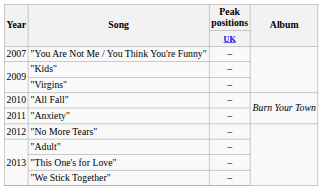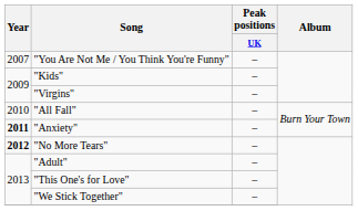 <table class="wikitable" style="text-align:center;" border="1">
 <tr>
 <th rowspan="2">Year</th>
 <th rowspan="2">Song</th>
 <th colspan="1">Peak positions</th>
 <th rowspan="2">Album</th>
 </tr>
 <tr>
 <th width="40"><small><a href='#'>UK</a></small></th>
 </tr>
 <tr>
 <td>2007</td>
 <td align="left">"You Are Not Me / You Think You're Funny"</td>
 <td>–</td>
 <td rowspan="3"></td>
 </tr>
 <tr>
 <td rowspan="2">2009</td>
 <td align="left">"Kids"</td>
 <td>–</td>
 </tr>
 <tr>
 <td align="left">"Virgins"</td>
 <td>–</td>
 </tr>
 <tr>
 <td>2010</td>
 <td align="left">"All Fall"</td>
 <td>–</td>
 <td rowspan="2"><em>Burn Your Town</em></td>
 </tr>
 <tr>
-<td>2011</td>
+<td><strong>2011</strong></td>
 <td align="left">"Anxiety"</td>
 <td>–</td>
 </tr>
 <tr>
-<td>2012</td>
+<td><strong>2012</strong></td>
 <td align="left">"No More Tears"</td>
 <td>–</td>
 </tr>
 <tr>
 <td rowspan="3">2013</td>
 <td align="left">"Adult"</td>
 <td>–</td>
 </tr>
 <tr>
 <td align="left">"This One's for Love"</td>
 <td>–</td>
 </tr>
 <tr>
 <td align="left">"We Stick Together"</td>
 <td>–</td>
 </tr>
 <tr>
 </tr>
 </table>
